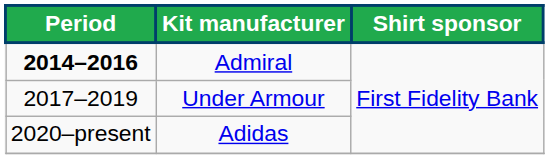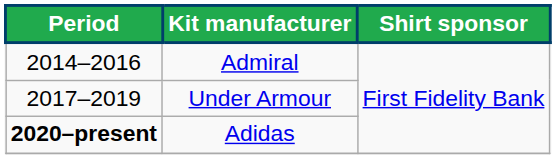 <table class="wikitable" style="text-align: center">
 <tr>
 <th style="background:#20AA4D; color:#FFFFFF; border:2px solid #003E6A;">Period</th>
 <th style="background:#20AA4D; color:#FFFFFF; border:2px solid #003E6A;">Kit manufacturer</th>
 <th style="background:#20AA4D; color:#FFFFFF; border:2px solid #003E6A;">Shirt sponsor</th>
 </tr>
 <tr>
-<td><strong>2014–2016</strong></td>
+<td>2014–2016</td>
 <td> <a href='#'>Admiral</a></td>
 <td rowspan="3"><a href='#'>First Fidelity Bank</a></td>
 </tr>
 <tr>
 <td>2017–2019</td>
 <td> <a href='#'>Under Armour</a></td>
 </tr>
 <tr>
-<td>2020–present</td>
+<td><strong>2020–present</strong></td>
 <td> <a href='#'>Adidas</a></td>
 </tr>
 <tr>
 </tr>
 </table>
